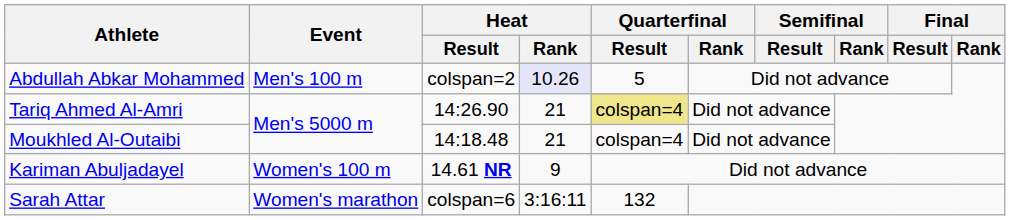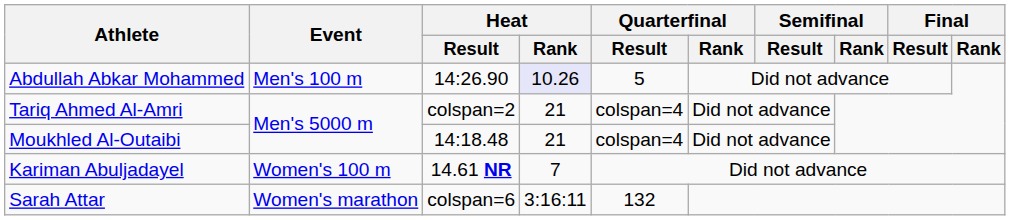 <table class="wikitable" style="font-size:90%">
 <tr>
 <th rowspan="2">Athlete</th>
 <th rowspan="2">Event</th>
 <th colspan="2">Heat</th>
 <th colspan="2">Quarterfinal</th>
 <th colspan="2">Semifinal</th>
 <th colspan="2">Final</th>
 </tr>
 <tr style="font-size:95%">
 <th>Result</th>
 <th>Rank</th>
 <th>Result</th>
 <th>Rank</th>
 <th>Result</th>
 <th>Rank</th>
 <th>Result</th>
 <th>Rank</th>
 </tr>
 <tr align=center>
 <td align=left><a href='#'>Abdullah Abkar Mohammed</a></td>
 <td align=left><a href='#'>Men's 100 m</a></td>
-<td>colspan=2 </td>
+<td>14:26.90</td>
 <td style="background: lavender;">10.26</td>
 <td>5</td>
 <td colspan=4>Did not advance</td>
 </tr>
 <tr align=center>
 <td align=left><a href='#'>Tariq Ahmed Al-Amri</a></td>
 <td align=left rowspan=2><a href='#'>Men's 5000 m</a></td>
-<td>14:26.90</td>
+<td>colspan=2 </td>
 <td>21</td>
-<td style="background: khaki;">colspan=4 </td>
+<td>colspan=4 </td>
 <td colspan=2>Did not advance</td>
 </tr>
 <tr align=center>
 <td align=left><a href='#'>Moukhled Al-Outaibi</a></td>
 <td>14:18.48</td>
 <td>21</td>
 <td>colspan=4 </td>
 <td colspan=2>Did not advance</td>
 </tr>
 <tr align=center>
 <td align=left><a href='#'>Kariman Abuljadayel</a></td>
 <td align=left><a href='#'>Women's 100 m</a></td>
 <td>14.61 <strong><a href='#'>NR</a></strong></td>
-<td>9</td>
+<td>7</td>
 <td colspan=6>Did not advance</td>
 </tr>
 <tr align=center>
 <td align=left><a href='#'>Sarah Attar</a></td>
 <td align=left><a href='#'>Women's marathon</a></td>
 <td>colspan=6 </td>
 <td>3:16:11</td>
 <td>132</td>
 </tr>
 </table>
